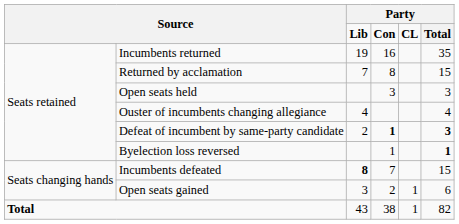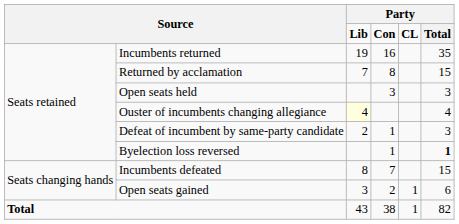 <table class="wikitable" style="text-align:right;">
 <tr>
 <th colspan="2" rowspan="2">Source</th>
 <th colspan="6">Party</th>
 </tr>
 <tr>
 <td><strong>Lib</strong></td>
 <td><strong>Con</strong></td>
 <td><strong>CL</strong></td>
 <th>Total</th>
 </tr>
 <tr>
 <td rowspan="6" style="text-align:left;">Seats retained</td>
 <td style="text-align:left;">Incumbents returned</td>
 <td>19</td>
 <td>16</td>
 <td></td>
 <td>35</td>
 </tr>
 <tr>
 <td style="text-align:left;">Returned by acclamation</td>
 <td>7</td>
 <td>8</td>
 <td></td>
 <td>15</td>
 </tr>
 <tr>
 <td style="text-align:left;">Open seats held</td>
 <td></td>
 <td>3</td>
 <td></td>
 <td>3</td>
 </tr>
 <tr>
 <td style="text-align:left;">Ouster of incumbents changing allegiance</td>
-<td>4</td>
+<td style="background: lightyellow;">4</td>
 <td></td>
 <td></td>
 <td>4</td>
 </tr>
 <tr>
 <td style="text-align:left;">Defeat of incumbent by same-party candidate</td>
 <td>2</td>
-<td><strong>1</strong></td>
+<td>1</td>
 <td></td>
-<td><strong>3</strong></td>
+<td>3</td>
 </tr>
 <tr>
 <td style="text-align:left;">Byelection loss reversed</td>
 <td></td>
 <td>1</td>
 <td></td>
 <td><strong>1</strong></td>
 </tr>
 <tr>
 <td rowspan="2" style="text-align:left;">Seats changing hands</td>
 <td style="text-align:left;">Incumbents defeated</td>
-<td><strong>8</strong></td>
+<td>8</td>
 <td>7</td>
 <td></td>
 <td>15</td>
 </tr>
 <tr>
 <td style="text-align:left;">Open seats gained</td>
 <td>3</td>
 <td>2</td>
 <td>1</td>
 <td>6</td>
 </tr>
 <tr>
 <td colspan="2" style="text-align:left;"><strong>Total</strong></td>
 <td>43</td>
 <td>38</td>
 <td>1</td>
 <td>82</td>
 </tr>
 </table>
